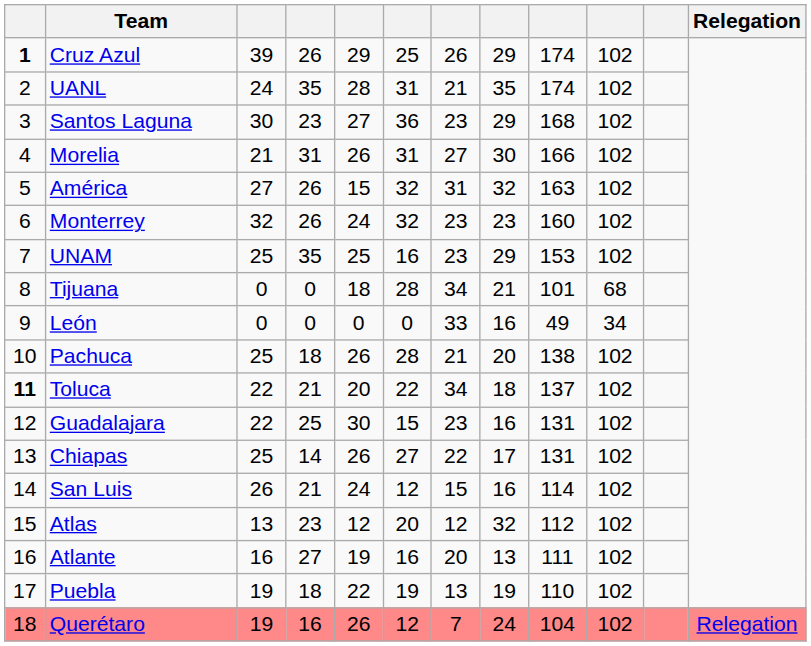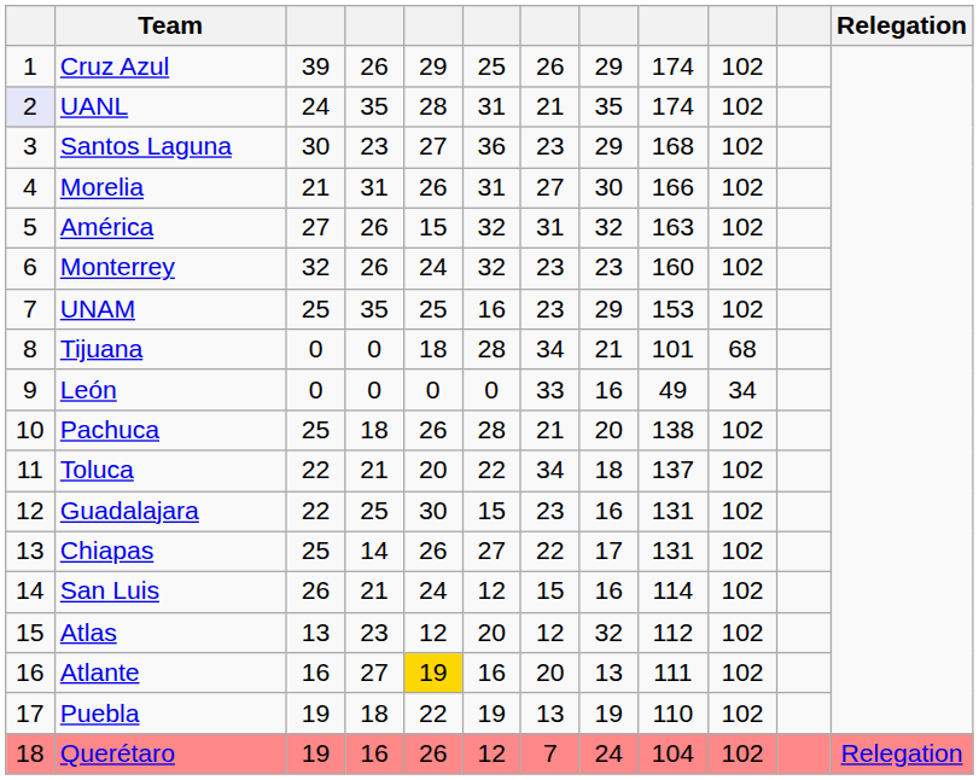 <table class="wikitable sortable" style="text-align: center;">
 <tr>
 <th width=28><br></th>
 <th width=185>Team</th>
 <th width=40></th>
 <th width=40></th>
 <th width=40></th>
 <th width=40></th>
 <th width=40></th>
 <th width=40></th>
 <th width=45></th>
 <th width=45></th>
 <th width=50><br></th>
 <th>Relegation</th>
 </tr>
 <tr>
-<td><strong>1</strong></td>
+<td>1</td>
 <td align=left><a href='#'>Cruz Azul</a></td>
 <td>39</td>
 <td>26</td>
 <td>29</td>
 <td>25</td>
 <td>26</td>
 <td>29</td>
 <td>174</td>
 <td>102</td>
 <td><strong></strong></td>
 </tr>
 <tr>
-<td>2</td>
+<td style="background: lavender;">2</td>
 <td align=left><a href='#'>UANL</a></td>
 <td>24</td>
 <td>35</td>
 <td>28</td>
 <td>31</td>
 <td>21</td>
 <td>35</td>
 <td>174</td>
 <td>102</td>
 <td><strong></strong></td>
 </tr>
 <tr>
 <td>3</td>
 <td align=left><a href='#'>Santos Laguna</a></td>
 <td>30</td>
 <td>23</td>
 <td>27</td>
 <td>36</td>
 <td>23</td>
 <td>29</td>
 <td>168</td>
 <td>102</td>
 <td><strong></strong></td>
 </tr>
 <tr>
 <td>4</td>
 <td align=left><a href='#'>Morelia</a></td>
 <td>21</td>
 <td>31</td>
 <td>26</td>
 <td>31</td>
 <td>27</td>
 <td>30</td>
 <td>166</td>
 <td>102</td>
 <td><strong></strong></td>
 </tr>
 <tr>
 <td>5</td>
 <td align=left><a href='#'>América</a></td>
 <td>27</td>
 <td>26</td>
 <td>15</td>
 <td>32</td>
 <td>31</td>
 <td>32</td>
 <td>163</td>
 <td>102</td>
 <td><strong></strong></td>
 </tr>
 <tr>
 <td>6</td>
 <td align=left><a href='#'>Monterrey</a></td>
 <td>32</td>
 <td>26</td>
 <td>24</td>
 <td>32</td>
 <td>23</td>
 <td>23</td>
 <td>160</td>
 <td>102</td>
 <td><strong></strong></td>
 </tr>
 <tr>
 <td>7</td>
 <td align=left><a href='#'>UNAM</a></td>
 <td>25</td>
 <td>35</td>
 <td>25</td>
 <td>16</td>
 <td>23</td>
 <td>29</td>
 <td>153</td>
 <td>102</td>
 <td><strong></strong></td>
 </tr>
 <tr>
 <td>8</td>
 <td align=left><a href='#'>Tijuana</a></td>
 <td>0</td>
 <td>0</td>
 <td>18</td>
 <td>28</td>
 <td>34</td>
 <td>21</td>
 <td>101</td>
 <td>68</td>
 <td><strong></strong></td>
 </tr>
 <tr>
 <td>9</td>
 <td align=left><a href='#'>León</a></td>
 <td>0</td>
 <td>0</td>
 <td>0</td>
 <td>0</td>
 <td>33</td>
 <td>16</td>
 <td>49</td>
 <td>34</td>
 <td><strong></strong></td>
 </tr>
 <tr>
 <td>10</td>
 <td align=left><a href='#'>Pachuca</a></td>
 <td>25</td>
 <td>18</td>
 <td>26</td>
 <td>28</td>
 <td>21</td>
 <td>20</td>
 <td>138</td>
 <td>102</td>
 <td><strong></strong></td>
 </tr>
 <tr>
-<td><strong>11</strong></td>
+<td>11</td>
 <td align=left><a href='#'>Toluca</a></td>
 <td>22</td>
 <td>21</td>
 <td>20</td>
 <td>22</td>
 <td>34</td>
 <td>18</td>
 <td>137</td>
 <td>102</td>
 <td><strong></strong></td>
 </tr>
 <tr>
 <td>12</td>
 <td align=left><a href='#'>Guadalajara</a></td>
 <td>22</td>
 <td>25</td>
 <td>30</td>
 <td>15</td>
 <td>23</td>
 <td>16</td>
 <td>131</td>
 <td>102</td>
 <td><strong></strong></td>
 </tr>
 <tr>
 <td>13</td>
 <td align=left><a href='#'>Chiapas</a></td>
 <td>25</td>
 <td>14</td>
 <td>26</td>
 <td>27</td>
 <td>22</td>
 <td>17</td>
 <td>131</td>
 <td>102</td>
 <td><strong></strong></td>
 </tr>
 <tr>
 <td>14</td>
 <td align=left><a href='#'>San Luis</a></td>
 <td>26</td>
 <td>21</td>
 <td>24</td>
 <td>12</td>
 <td>15</td>
 <td>16</td>
 <td>114</td>
 <td>102</td>
 <td><strong></strong></td>
 </tr>
 <tr>
 <td>15</td>
 <td align=left><a href='#'>Atlas</a></td>
 <td>13</td>
 <td>23</td>
 <td>12</td>
 <td>20</td>
 <td>12</td>
 <td>32</td>
 <td>112</td>
 <td>102</td>
 <td><strong></strong></td>
 </tr>
 <tr>
 <td>16</td>
 <td align=left><a href='#'>Atlante</a></td>
 <td>16</td>
 <td>27</td>
-<td>19</td>
+<td style="background: gold;">19</td>
 <td>16</td>
 <td>20</td>
 <td>13</td>
 <td>111</td>
 <td>102</td>
 <td><strong></strong></td>
 </tr>
 <tr>
 <td>17</td>
 <td align=left><a href='#'>Puebla</a></td>
 <td>19</td>
 <td>18</td>
 <td>22</td>
 <td>19</td>
 <td>13</td>
 <td>19</td>
 <td>110</td>
 <td>102</td>
 <td><strong></strong></td>
 </tr>
 <tr style="text-align:center; background:#ff8888;">
 <td>18</td>
 <td align=left><a href='#'>Querétaro</a></td>
 <td>19</td>
 <td>16</td>
 <td>26</td>
 <td>12</td>
 <td>7</td>
 <td>24</td>
 <td>104</td>
 <td>102</td>
 <td><strong></strong></td>
 <td><a href='#'>Relegation</a></td>
 </tr>
 </table>
